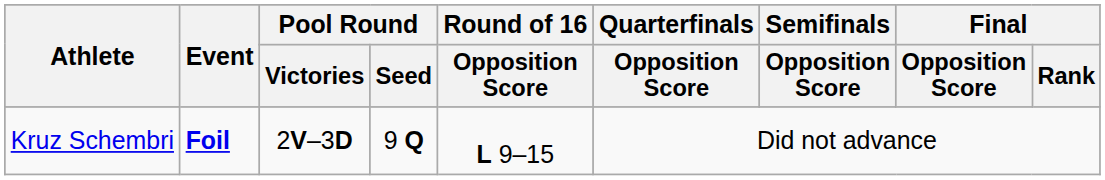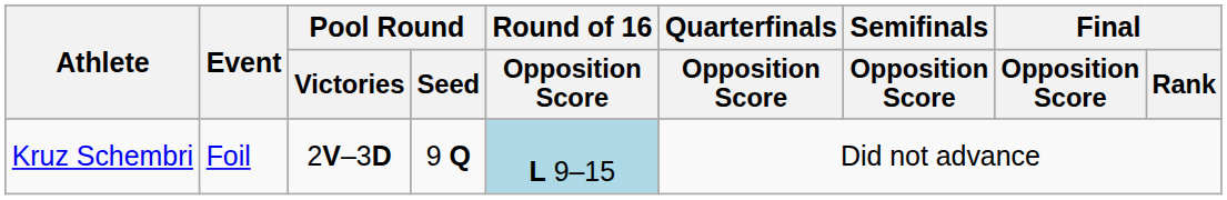 <table class=wikitable style="font-size:90%">
 <tr>
 <th rowspan="2">Athlete</th>
 <th rowspan="2">Event</th>
 <th colspan=2>Pool Round</th>
 <th>Round of 16</th>
 <th>Quarterfinals</th>
 <th>Semifinals</th>
 <th colspan=2>Final</th>
 </tr>
 <tr style="font-size:95%">
 <th>Victories</th>
 <th>Seed</th>
 <th>Opposition<br>Score</th>
 <th>Opposition<br>Score</th>
 <th>Opposition<br>Score</th>
 <th>Opposition<br>Score</th>
 <th>Rank</th>
 </tr>
 <tr align=center>
 <td align=left><a href='#'>Kruz Schembri</a></td>
-<td align=left><strong><a href='#'>Foil</a></strong></td>
+<td align=left><a href='#'>Foil</a></td>
 <td>2<strong>V</strong>–3<strong>D</strong></td>
 <td>9 <strong>Q</strong></td>
-<td><br><strong>L</strong> 9–15</td>
+<td style="background: lightblue;"><br><strong>L</strong> 9–15</td>
 <td colspan=4>Did not advance</td>
 </tr>
 </table>
